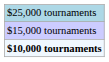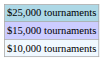 <table class="wikitable" style="font-size:85%;">
 <tr style="background:lightblue;">
 <td>$25,000 tournaments</td>
 </tr>
 <tr style="background:#ccccff;">
 <td>$15,000 tournaments</td>
 </tr>
 <tr style="background:#f0f8ff;">
-<td><strong>$10,000 tournaments</strong></td>
+<td>$10,000 tournaments</td>
 </tr>
 </table>
